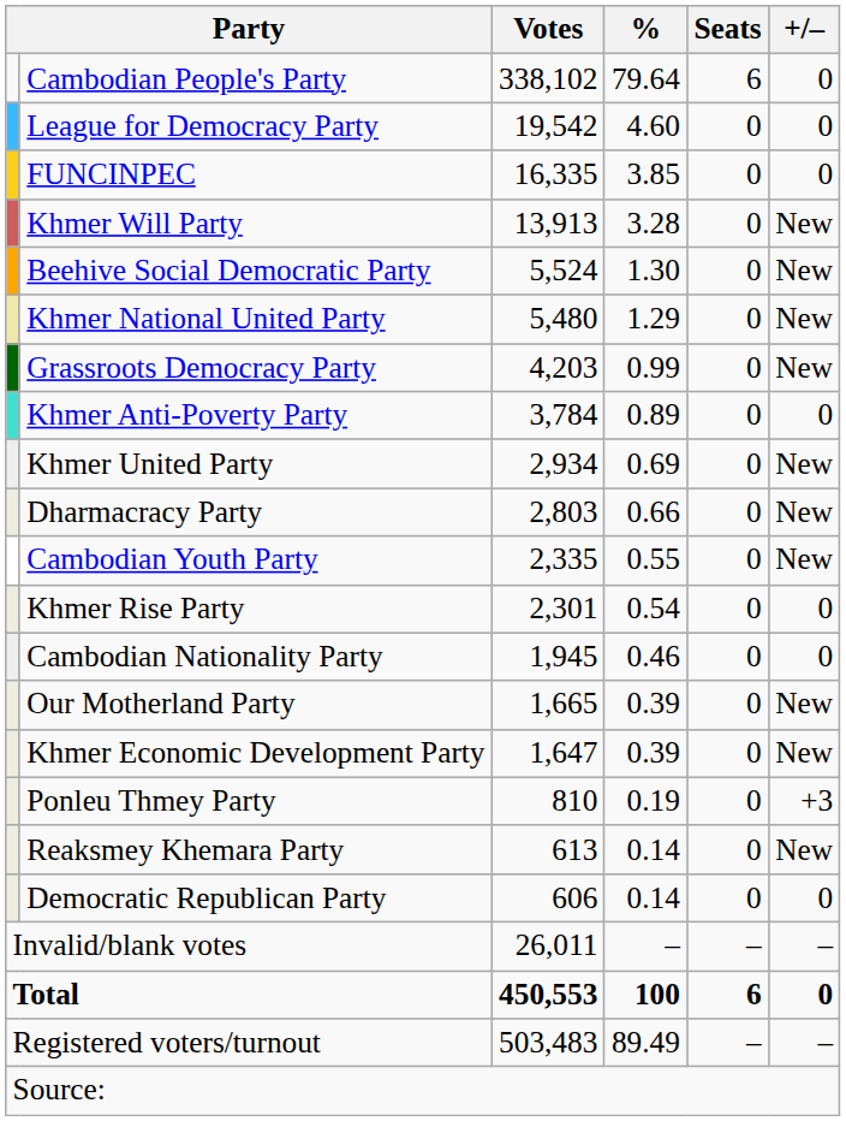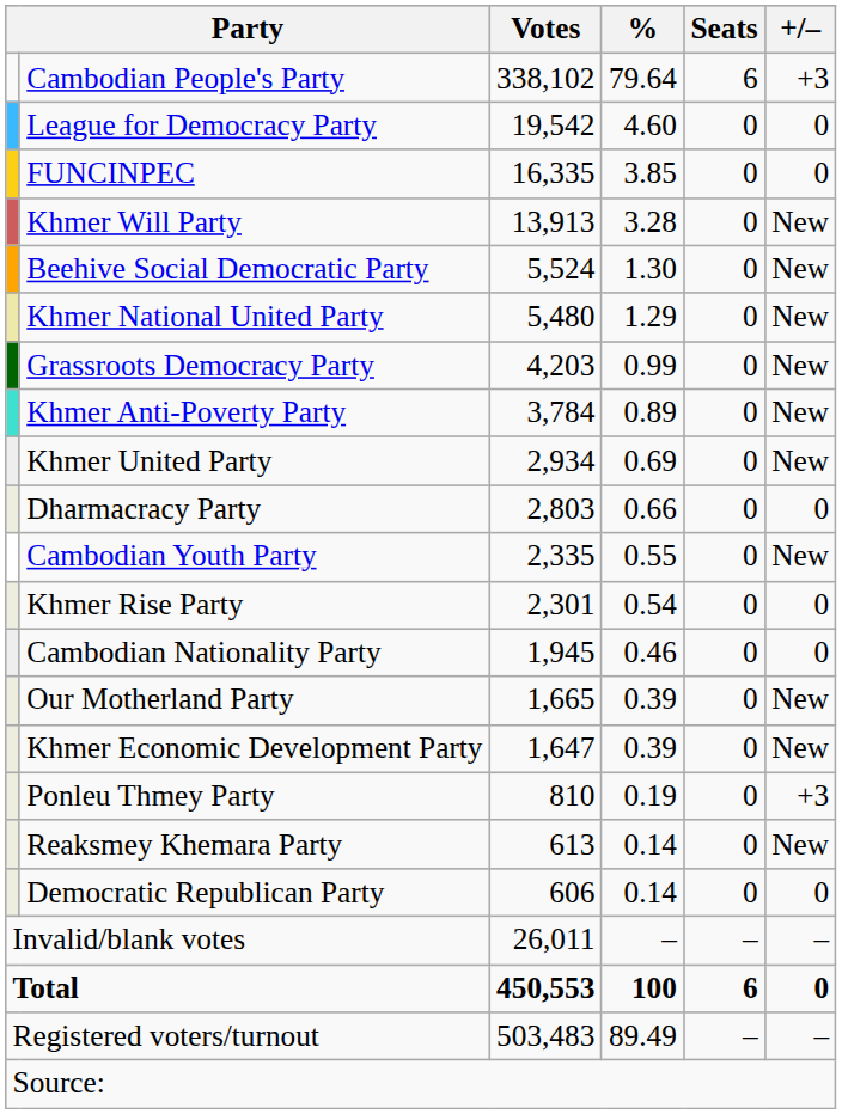 <table class=wikitable style=text-align:right>
 <tr>
 <th colspan=2>Party</th>
 <th>Votes</th>
 <th>%</th>
 <th>Seats</th>
 <th>+/–</th>
 </tr>
 <tr>
 <td style="background:"></td>
 <td align=left><a href='#'>Cambodian People's Party</a></td>
 <td>338,102</td>
 <td>79.64</td>
 <td>6</td>
-<td>0</td>
+<td>+3</td>
 </tr>
 <tr>
 <td style="background:#3BB9FF"></td>
 <td align=left><a href='#'>League for Democracy Party</a></td>
 <td>19,542</td>
 <td>4.60</td>
 <td>0</td>
 <td>0</td>
 </tr>
 <tr>
 <td bgcolor=#FDD017></td>
 <td align=left><a href='#'>FUNCINPEC</a></td>
 <td>16,335</td>
 <td>3.85</td>
 <td>0</td>
 <td>0</td>
 </tr>
 <tr>
 <td bgcolor=#CD5C5C></td>
 <td align=left><a href='#'>Khmer Will Party</a></td>
 <td>13,913</td>
 <td>3.28</td>
 <td>0</td>
 <td>New</td>
 </tr>
 <tr>
 <td bgcolor=#FFA500></td>
 <td align=left><a href='#'>Beehive Social Democratic Party</a></td>
 <td>5,524</td>
 <td>1.30</td>
 <td>0</td>
 <td>New</td>
 </tr>
 <tr>
 <td bgcolor=#EEE8AA></td>
 <td align=left><a href='#'>Khmer National United Party</a></td>
 <td>5,480</td>
 <td>1.29</td>
 <td>0</td>
 <td>New</td>
 </tr>
 <tr>
 <td bgcolor=#006400></td>
 <td align=left><a href='#'>Grassroots Democracy Party</a></td>
 <td>4,203</td>
 <td>0.99</td>
 <td>0</td>
 <td>New</td>
 </tr>
 <tr>
 <td bgcolor=#40E0D0></td>
 <td align=left><a href='#'>Khmer Anti-Poverty Party</a></td>
 <td>3,784</td>
 <td>0.89</td>
 <td>0</td>
-<td>0</td>
+<td>New</td>
 </tr>
 <tr>
 <td bgcolor=#EEEEEE></td>
 <td align=left>Khmer United Party</td>
 <td>2,934</td>
 <td>0.69</td>
 <td>0</td>
 <td>New</td>
 </tr>
 <tr>
 <td bgcolor=#EEEEE></td>
 <td align=left>Dharmacracy Party</td>
 <td>2,803</td>
 <td>0.66</td>
 <td>0</td>
-<td>New</td>
+<td>0</td>
 </tr>
 <tr>
 <td bgcolor=#FFFFFF></td>
 <td align=left><a href='#'>Cambodian Youth Party</a></td>
 <td>2,335</td>
 <td>0.55</td>
 <td>0</td>
 <td>New</td>
 </tr>
 <tr>
 <td bgcolor=#EEEEE></td>
 <td align=left>Khmer Rise Party</td>
 <td>2,301</td>
 <td>0.54</td>
 <td>0</td>
 <td>0</td>
 </tr>
 <tr>
 <td bgcolor=#EEEEEE></td>
 <td align=left>Cambodian Nationality Party</td>
 <td>1,945</td>
 <td>0.46</td>
 <td>0</td>
 <td>0</td>
 </tr>
 <tr>
 <td bgcolor=#EEEEE></td>
 <td align=left>Our Motherland Party</td>
 <td>1,665</td>
 <td>0.39</td>
 <td>0</td>
 <td>New</td>
 </tr>
 <tr>
 <td bgcolor=#EEEEE></td>
 <td align=left>Khmer Economic Development Party</td>
 <td>1,647</td>
 <td>0.39</td>
 <td>0</td>
 <td>New</td>
 </tr>
 <tr>
 <td bgcolor=#EEEEE></td>
 <td align=left>Ponleu Thmey Party</td>
 <td>810</td>
 <td>0.19</td>
 <td>0</td>
 <td>+3</td>
 </tr>
 <tr>
 <td bgcolor=#EEEEE></td>
 <td align=left>Reaksmey Khemara Party</td>
 <td>613</td>
 <td>0.14</td>
 <td>0</td>
 <td>New</td>
 </tr>
 <tr>
 <td bgcolor=#EEEEE></td>
 <td align=left>Democratic Republican Party</td>
 <td>606</td>
 <td>0.14</td>
 <td>0</td>
 <td>0</td>
 </tr>
 <tr>
 <td colspan=2 align=left>Invalid/blank votes</td>
 <td>26,011</td>
 <td>–</td>
 <td>–</td>
 <td>–</td>
 </tr>
 <tr>
 <td colspan=2 align=left><strong>Total</strong></td>
 <td><strong>450,553</strong></td>
 <td><strong>100</strong></td>
 <td><strong>6</strong></td>
 <td><strong>0</strong></td>
 </tr>
 <tr>
 <td colspan=2 align=left>Registered voters/turnout</td>
 <td>503,483</td>
 <td>89.49</td>
 <td>–</td>
 <td>–</td>
 </tr>
 <tr>
 <td colspan=6 align=left>Source: </td>
 </tr>
 </table>
